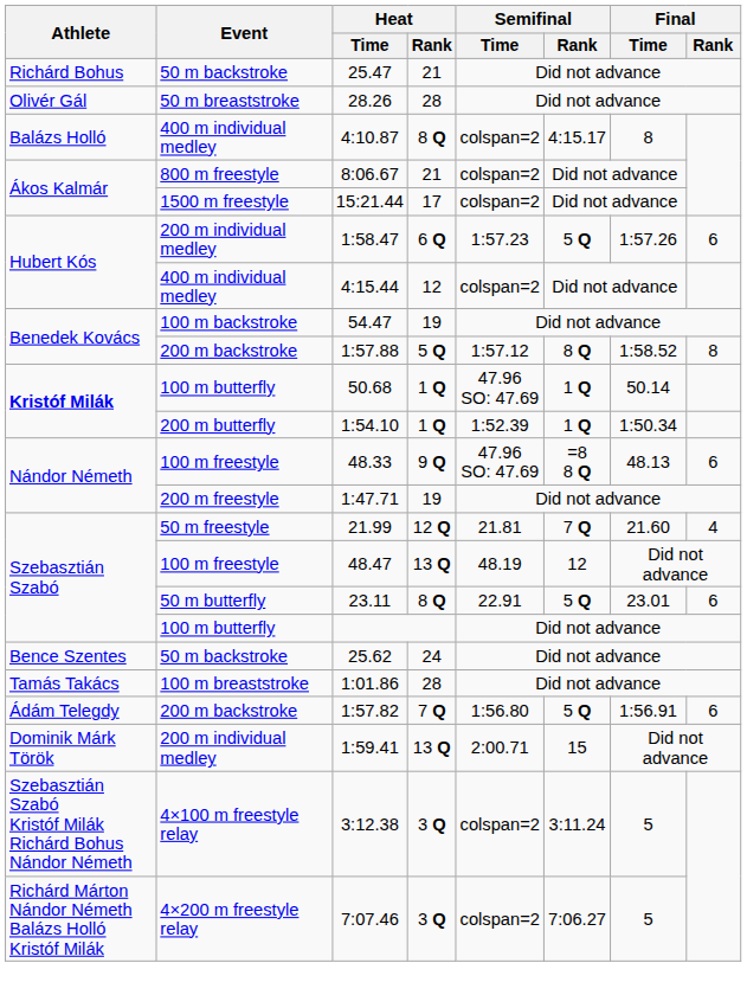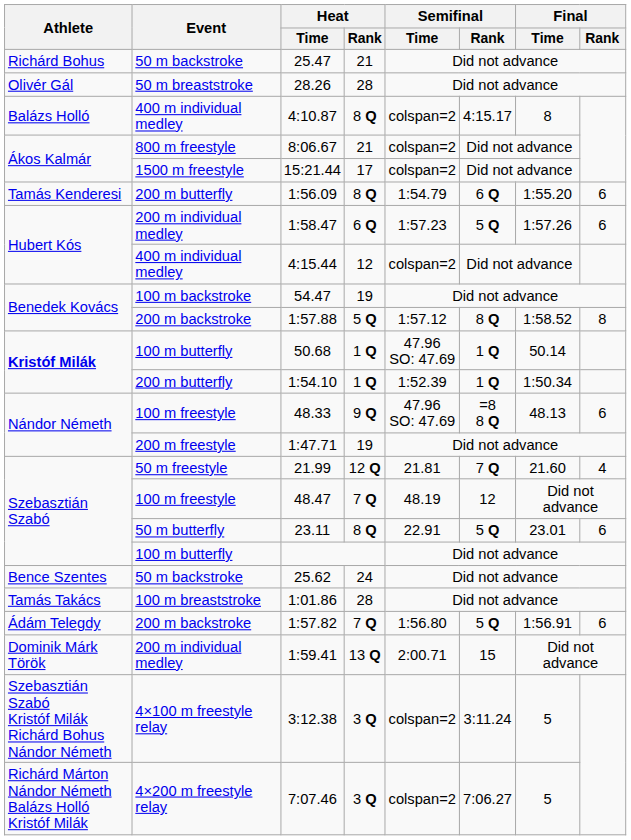 <table class="wikitable" style="text-align:center; font-size:90%">
 <tr>
 <th rowspan="2">Athlete</th>
 <th rowspan="2">Event</th>
 <th colspan="2">Heat</th>
 <th colspan="2">Semifinal</th>
 <th colspan="2">Final</th>
 </tr>
 <tr style="font-size:95%">
 <th>Time</th>
 <th>Rank</th>
 <th>Time</th>
 <th>Rank</th>
 <th>Time</th>
 <th>Rank</th>
 </tr>
 <tr>
 <td align=left><a href='#'>Richárd Bohus</a></td>
 <td align=left><a href='#'>50 m backstroke</a></td>
 <td>25.47</td>
 <td>21</td>
 <td colspan=4>Did not advance</td>
 </tr>
 <tr>
 <td align=left><a href='#'>Olivér Gál</a></td>
 <td align=left><a href='#'>50 m breaststroke</a></td>
 <td>28.26</td>
 <td>28</td>
 <td colspan=4>Did not advance</td>
 </tr>
 <tr>
 <td align=left><a href='#'>Balázs Holló</a></td>
 <td align=left><a href='#'>400 m individual medley</a></td>
 <td>4:10.87</td>
 <td>8 <strong>Q</strong></td>
 <td>colspan=2 </td>
 <td>4:15.17</td>
 <td>8</td>
 </tr>
 <tr>
 <td align=left rowspan=2><a href='#'>Ákos Kalmár</a></td>
 <td align=left><a href='#'>800 m freestyle</a></td>
 <td>8:06.67</td>
 <td>21</td>
 <td>colspan=2 </td>
 <td colspan=2>Did not advance</td>
 </tr>
 <tr>
 <td align=left><a href='#'>1500 m freestyle</a></td>
 <td>15:21.44</td>
 <td>17</td>
 <td>colspan=2 </td>
 <td colspan=2>Did not advance</td>
+</tr>
+<tr>
+<td align=left><a href='#'>Tamás Kenderesi</a></td>
+<td align=left><a href='#'>200 m butterfly</a></td>
+<td>1:56.09</td>
+<td>8 <strong>Q</strong></td>
+<td>1:54.79</td>
+<td>6 <strong>Q</strong></td>
+<td>1:55.20</td>
+<td>6</td>
 </tr>
 <tr>
 <td align=left rowspan=2><a href='#'>Hubert Kós</a></td>
 <td align=left><a href='#'>200 m individual medley</a></td>
 <td>1:58.47</td>
 <td>6 <strong>Q</strong></td>
 <td>1:57.23</td>
 <td>5 <strong>Q</strong></td>
 <td>1:57.26</td>
 <td>6</td>
 </tr>
 <tr>
 <td align=left><a href='#'>400 m individual medley</a></td>
 <td>4:15.44</td>
 <td>12</td>
 <td>colspan=2 </td>
 <td colspan=2>Did not advance</td>
 </tr>
 <tr>
 <td align=left rowspan=2><a href='#'>Benedek Kovács</a></td>
 <td align=left><a href='#'>100 m backstroke</a></td>
 <td>54.47</td>
 <td>19</td>
 <td colspan=4>Did not advance</td>
 </tr>
 <tr>
 <td align=left><a href='#'>200 m backstroke</a></td>
 <td>1:57.88</td>
 <td>5 <strong>Q</strong></td>
 <td>1:57.12</td>
 <td>8 <strong>Q</strong></td>
 <td>1:58.52</td>
 <td>8</td>
 </tr>
 <tr>
 <td align=left rowspan=2><strong><a href='#'>Kristóf Milák</a></strong></td>
 <td align=left><a href='#'>100 m butterfly</a></td>
 <td>50.68</td>
 <td>1 <strong>Q</strong></td>
 <td>47.96<br>SO: 47.69</td>
 <td>1 <strong>Q</strong></td>
 <td>50.14</td>
 <td></td>
 </tr>
 <tr>
 <td align=left><a href='#'>200 m butterfly</a></td>
 <td>1:54.10</td>
 <td>1 <strong>Q</strong></td>
 <td>1:52.39</td>
 <td>1 <strong>Q</strong></td>
 <td>1:50.34 </td>
 <td></td>
 </tr>
 <tr>
 <td align=left rowspan=2><a href='#'>Nándor Németh</a></td>
 <td align=left><a href='#'>100 m freestyle</a></td>
 <td>48.33</td>
 <td>9 <strong>Q</strong></td>
 <td>47.96<br>SO: 47.69</td>
 <td>=8<br>8 <strong>Q</strong></td>
 <td>48.13</td>
 <td>6</td>
 </tr>
 <tr>
 <td align=left><a href='#'>200 m freestyle</a></td>
 <td>1:47.71</td>
 <td>19</td>
 <td colspan=4>Did not advance</td>
 </tr>
 <tr>
 <td align=left rowspan=4><a href='#'>Szebasztián Szabó</a></td>
 <td align=left><a href='#'>50 m freestyle</a></td>
 <td>21.99</td>
 <td>12 <strong>Q</strong></td>
 <td>21.81</td>
 <td>7 <strong>Q</strong></td>
 <td>21.60</td>
 <td>4</td>
 </tr>
 <tr>
 <td align=left><a href='#'>100 m freestyle</a></td>
 <td>48.47</td>
-<td>13 <strong>Q</strong></td>
+<td>7 <strong>Q</strong></td>
 <td>48.19</td>
 <td>12</td>
 <td colspan=2>Did not advance</td>
 </tr>
 <tr>
 <td align=left><a href='#'>50 m butterfly</a></td>
 <td>23.11</td>
 <td>8 <strong>Q</strong></td>
 <td>22.91</td>
 <td>5 <strong>Q</strong></td>
 <td>23.01</td>
 <td>6</td>
 </tr>
 <tr>
 <td align=left><a href='#'>100 m butterfly</a></td>
 <td colspan=2></td>
 <td colspan=4>Did not advance</td>
 </tr>
 <tr>
 <td align=left><a href='#'>Bence Szentes</a></td>
 <td align=left><a href='#'>50 m backstroke</a></td>
 <td>25.62</td>
 <td>24</td>
 <td colspan=4>Did not advance</td>
 </tr>
 <tr>
 <td align=left><a href='#'>Tamás Takács</a></td>
 <td align=left><a href='#'>100 m breaststroke</a></td>
 <td>1:01.86</td>
 <td>28</td>
 <td colspan=4>Did not advance</td>
 </tr>
 <tr>
 <td align=left><a href='#'>Ádám Telegdy</a></td>
 <td align=left><a href='#'>200 m backstroke</a></td>
 <td>1:57.82</td>
 <td>7 <strong>Q</strong></td>
 <td>1:56.80</td>
 <td>5 <strong>Q</strong></td>
 <td>1:56.91</td>
 <td>6</td>
 </tr>
 <tr>
 <td align=left><a href='#'>Dominik Márk Török</a></td>
 <td align=left><a href='#'>200 m individual medley</a></td>
 <td>1:59.41</td>
 <td>13 <strong>Q</strong></td>
 <td>2:00.71</td>
 <td>15</td>
 <td colspan=2>Did not advance</td>
 </tr>
 <tr>
 <td align=left><a href='#'>Szebasztián Szabó</a><br><a href='#'>Kristóf Milák</a><br><a href='#'>Richárd Bohus</a><br><a href='#'>Nándor Németh</a></td>
 <td align=left><a href='#'>4×100 m freestyle relay</a></td>
 <td>3:12.38</td>
 <td>3 <strong>Q</strong></td>
 <td>colspan=2 </td>
 <td>3:11.24</td>
 <td>5</td>
 </tr>
 <tr>
 <td align=left><a href='#'>Richárd Márton</a><br><a href='#'>Nándor Németh</a><br><a href='#'>Balázs Holló</a><br><a href='#'>Kristóf Milák</a></td>
 <td align=left><a href='#'>4×200 m freestyle relay</a></td>
 <td>7:07.46</td>
 <td>3 <strong>Q</strong></td>
 <td>colspan=2 </td>
 <td>7:06.27</td>
 <td>5</td>
 </tr>
 </table>
